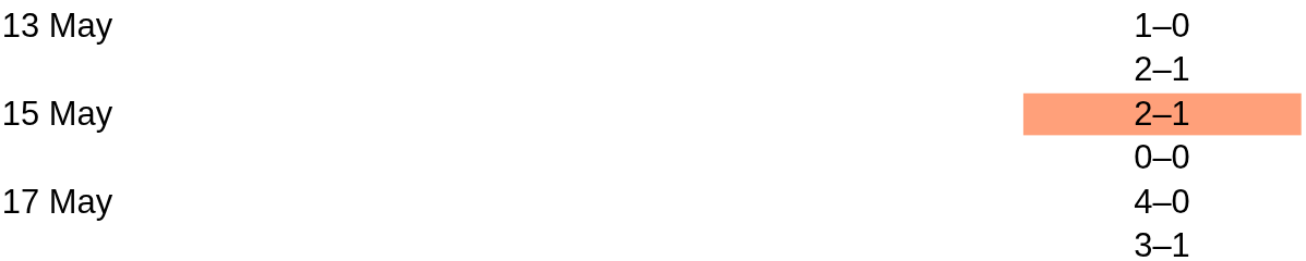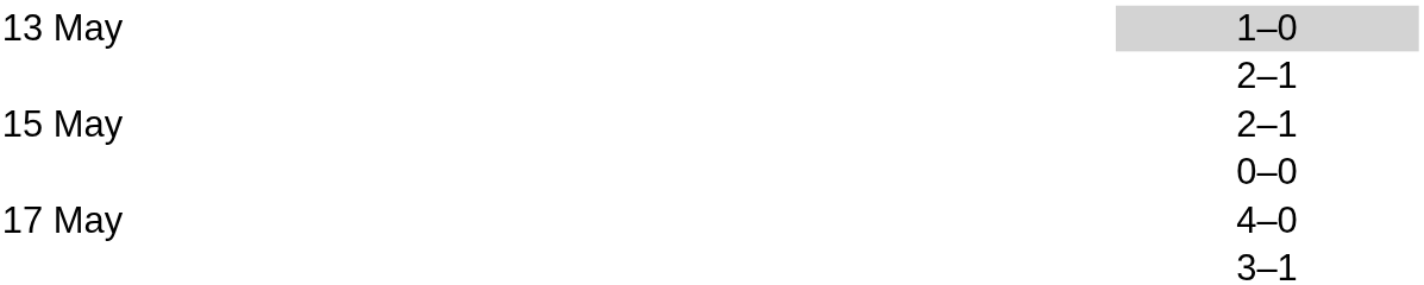 <table cellspacing=1 width=70%>
 <tr>
 <th width=25%></th>
 <th width=30%></th>
 <th width=15%></th>
 <th width=30%></th>
 </tr>
 <tr>
 <td>13 May</td>
 <td align=right></td>
-<td align=center>1–0</td>
+<td align=center style="background: lightgrey;">1–0</td>
 <td></td>
 </tr>
 <tr>
 <td></td>
 <td align=right></td>
 <td align=center>2–1</td>
 <td></td>
 </tr>
 <tr>
 <td>15 May</td>
 <td align=right></td>
-<td align=center style="background: lightsalmon;">2–1</td>
+<td align=center>2–1</td>
 <td></td>
 </tr>
 <tr>
 <td></td>
 <td align=right></td>
 <td align=center>0–0</td>
 <td></td>
 </tr>
 <tr>
 <td>17 May</td>
 <td align=right></td>
 <td align=center>4–0</td>
 <td></td>
 </tr>
 <tr>
 <td></td>
 <td align=right></td>
 <td align=center>3–1</td>
 <td></td>
 </tr>
 </table>
